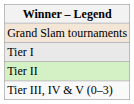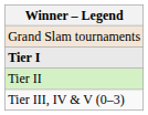 <table class="wikitable sortable">
 <tr>
 <th>Winner – Legend</th>
 </tr>
 <tr>
 <td bgcolor="#f3e6d7">Grand Slam tournaments</td>
 </tr>
 <tr>
-<td bgcolor="#e9e9e9">Tier I</td>
+<td bgcolor="#e9e9e9"><strong>Tier I</strong></td>
 </tr>
 <tr>
 <td bgcolor="#d4f1c5">Tier II</td>
 </tr>
 <tr>
 <td>Tier III, IV & V (0–3)</td>
 </tr>
 </table>
